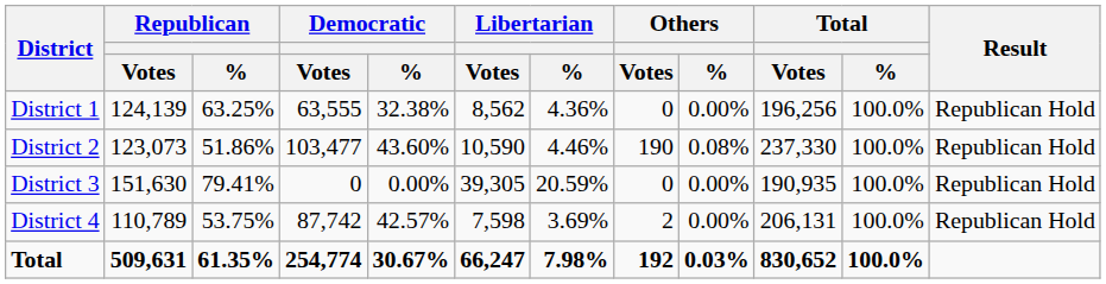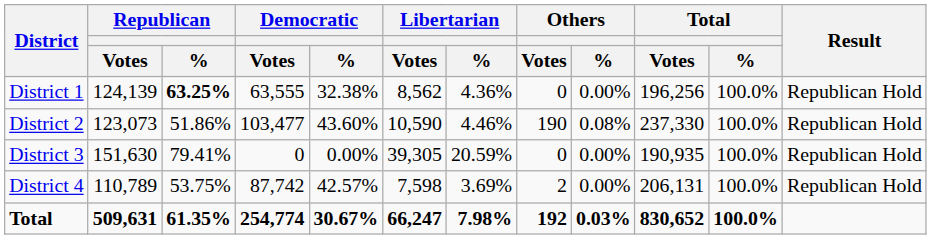 <table class="wikitable plainrowheaders sortable" style="font-size:100%; text-align:right;">
 <tr>
 <th scope=col rowspan=3><a href='#'>District</a></th>
 <th scope=col colspan=2><a href='#'>Republican</a></th>
 <th scope=col colspan=2><a href='#'>Democratic</a></th>
 <th scope=col colspan=2><a href='#'>Libertarian</a></th>
 <th scope=col colspan=2>Others</th>
 <th scope=col colspan=2>Total</th>
 <th scope=col rowspan=3>Result</th>
 </tr>
 <tr>
 <th scope=col colspan=2 style="background:"></th>
 <th scope=col colspan=2 style="background:"></th>
 <th scope=col colspan=2 style="background:"></th>
 <th scope=col colspan=2></th>
 <th scope=col colspan=2></th>
 </tr>
 <tr>
 <th scope=col data-sort-type="number">Votes</th>
 <th scope=col data-sort-type="number">%</th>
 <th scope=col data-sort-type="number">Votes</th>
 <th scope=col data-sort-type="number">%</th>
 <th scope=col data-sort-type="number">Votes</th>
 <th scope=col data-sort-type="number">%</th>
 <th scope=col data-sort-type="number">Votes</th>
 <th scope=col data-sort-type="number">%</th>
 <th scope=col data-sort-type="number">Votes</th>
 <th scope=col data-sort-type="number">%</th>
 </tr>
 <tr>
 <td align=left><a href='#'>District 1</a></td>
 <td>124,139</td>
-<td>63.25%</td>
+<td><strong>63.25%</strong></td>
 <td>63,555</td>
 <td>32.38%</td>
 <td>8,562</td>
 <td>4.36%</td>
 <td>0</td>
 <td>0.00%</td>
 <td>196,256</td>
 <td>100.0%</td>
 <td align=left>Republican Hold</td>
 </tr>
 <tr>
 <td align=left><a href='#'>District 2</a></td>
 <td>123,073</td>
 <td>51.86%</td>
 <td>103,477</td>
 <td>43.60%</td>
 <td>10,590</td>
 <td>4.46%</td>
 <td>190</td>
 <td>0.08%</td>
 <td>237,330</td>
 <td>100.0%</td>
 <td align=left>Republican Hold</td>
 </tr>
 <tr>
 <td align=left><a href='#'>District 3</a></td>
 <td>151,630</td>
 <td>79.41%</td>
 <td>0</td>
 <td>0.00%</td>
 <td>39,305</td>
 <td>20.59%</td>
 <td>0</td>
 <td>0.00%</td>
 <td>190,935</td>
 <td>100.0%</td>
 <td align=left>Republican Hold</td>
 </tr>
 <tr>
 <td align=left><a href='#'>District 4</a></td>
 <td>110,789</td>
 <td>53.75%</td>
 <td>87,742</td>
 <td>42.57%</td>
 <td>7,598</td>
 <td>3.69%</td>
 <td>2</td>
 <td>0.00%</td>
 <td>206,131</td>
 <td>100.0%</td>
 <td align=left>Republican Hold</td>
 </tr>
 <tr class="sortbottom" style="font-weight:bold">
 <td align=left>Total</td>
 <td>509,631</td>
 <td>61.35%</td>
 <td>254,774</td>
 <td>30.67%</td>
 <td>66,247</td>
 <td>7.98%</td>
 <td>192</td>
 <td>0.03%</td>
 <td>830,652</td>
 <td>100.0%</td>
 <td></td>
 </tr>
 </table>
